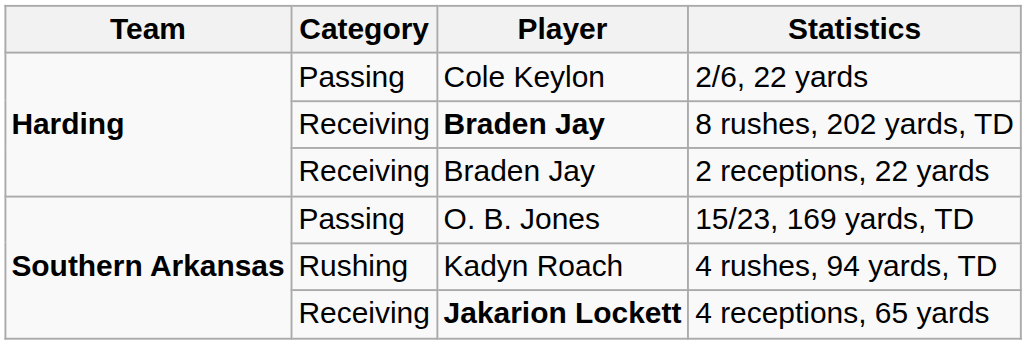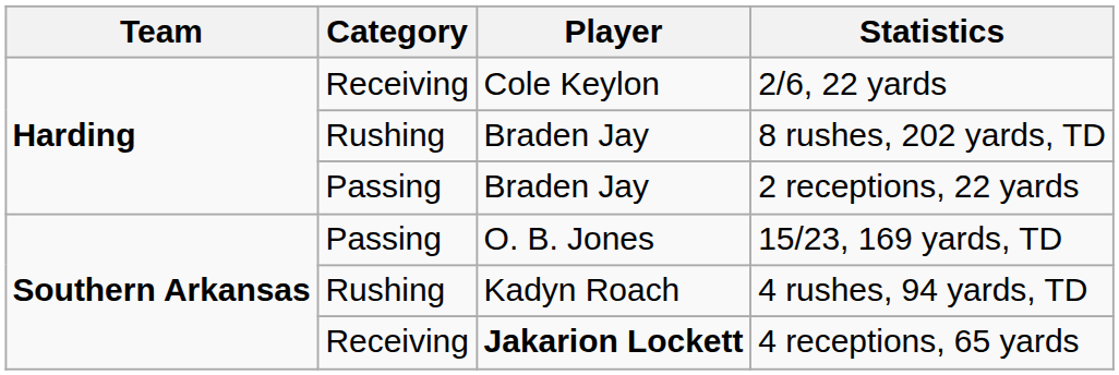 <table class="wikitable" style="float: right;">
 <tr>
 <th>Team</th>
 <th>Category</th>
 <th>Player</th>
 <th>Statistics</th>
 </tr>
 <tr>
 <td rowspan=3><strong>Harding</strong></td>
-<td>Passing</td>
+<td>Receiving</td>
 <td>Cole Keylon</td>
 <td>2/6, 22 yards</td>
 </tr>
 <tr>
-<td>Receiving</td>
-<td><strong>Braden Jay</strong></td>
+<td>Rushing</td>
+<td>Braden Jay</td>
 <td>8 rushes, 202 yards, TD</td>
 </tr>
 <tr>
-<td>Receiving</td>
+<td>Passing</td>
 <td>Braden Jay</td>
 <td>2 receptions, 22 yards</td>
 </tr>
 <tr>
 <td rowspan=3><strong>Southern Arkansas</strong></td>
 <td>Passing</td>
 <td>O. B. Jones</td>
 <td>15/23, 169 yards, TD</td>
 </tr>
 <tr>
 <td>Rushing</td>
 <td>Kadyn Roach</td>
 <td>4 rushes, 94 yards, TD</td>
 </tr>
 <tr>
 <td>Receiving</td>
 <td><strong>Jakarion Lockett</strong></td>
 <td>4 receptions, 65 yards</td>
 </tr>
 </table>
